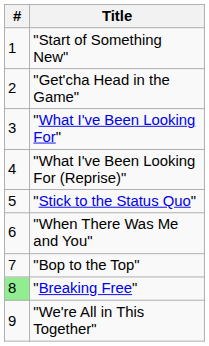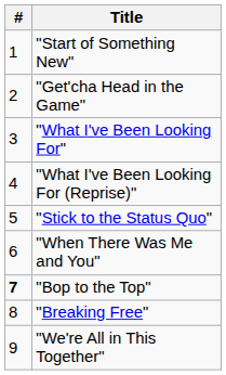 <table class="wikitable" style="font-size: 100%">
 <tr>
 <th width="20" align="center">#</th>
 <th width="180" align="center">Title</th>
 </tr>
 <tr>
 <td>1</td>
 <td>"Start of Something New"</td>
 </tr>
 <tr>
 <td>2</td>
 <td>"Get'cha Head in the Game"</td>
 </tr>
 <tr>
 <td>3</td>
 <td>"<a href='#'>What I've Been Looking For</a>"</td>
 </tr>
 <tr>
 <td>4</td>
 <td>"What I've Been Looking For (Reprise)"</td>
 </tr>
 <tr>
 <td>5</td>
 <td>"<a href='#'>Stick to the Status Quo</a>"</td>
 </tr>
 <tr>
 <td>6</td>
 <td>"When There Was Me and You"</td>
 </tr>
 <tr>
-<td>7</td>
+<td><strong>7</strong></td>
 <td>"Bop to the Top"</td>
 </tr>
 <tr>
-<td style="background: lightgreen;">8</td>
+<td>8</td>
 <td>"<a href='#'>Breaking Free</a>"</td>
 </tr>
 <tr>
 <td>9</td>
 <td>"We're All in This Together"</td>
 </tr>
 </table>
